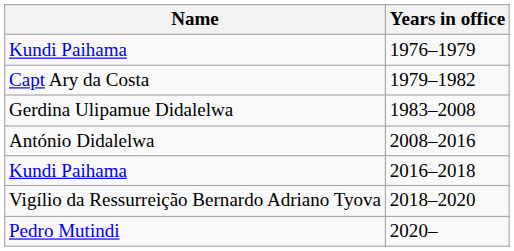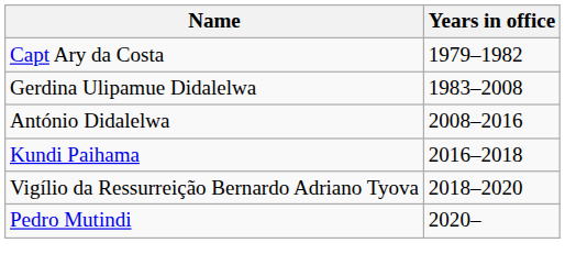 <table class="wikitable sortable">
 <tr>
 <th>Name</th>
 <th>Years in office</th>
-</tr>
-<tr>
-<td><a href='#'>Kundi Paihama</a></td>
-<td data-sort-value="04">1976–1979</td>
 </tr>
 <tr>
 <td><a href='#'>Capt</a> Ary da Costa</td>
 <td data-sort-value="04">1979–1982</td>
 </tr>
 <tr>
 <td>Gerdina Ulipamue Didalelwa</td>
 <td data-sort-value="26">1983–2008</td>
 </tr>
 <tr>
 <td>António Didalelwa</td>
 <td data-sort-value="09">2008–2016</td>
 </tr>
 <tr>
 <td><a href='#'>Kundi Paihama</a></td>
 <td data-sort-value="03">2016–2018</td>
 </tr>
 <tr>
 <td>Vigílio da Ressurreição Bernardo Adriano Tyova</td>
 <td data-sort-value="02">2018–2020</td>
 </tr>
 <tr>
 <td><a href='#'>Pedro Mutindi</a></td>
 <td>2020–</td>
 </tr>
 </table>
